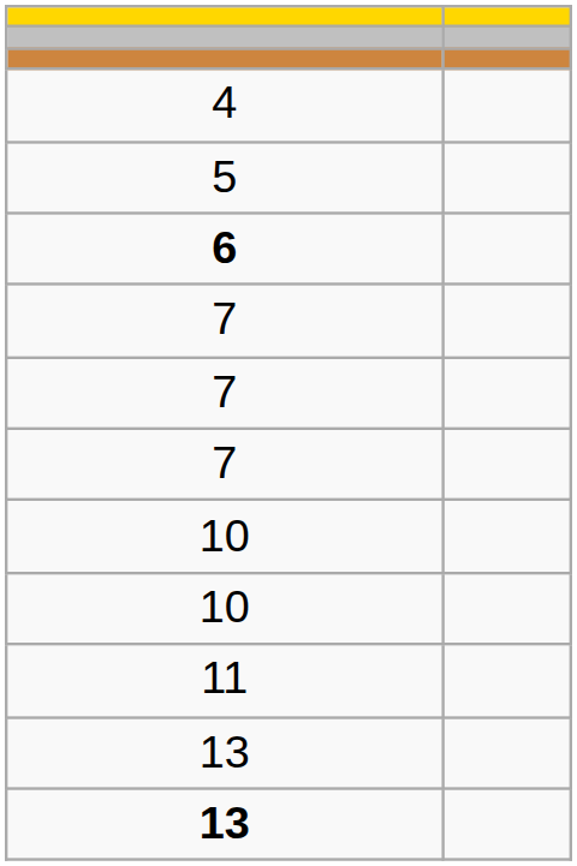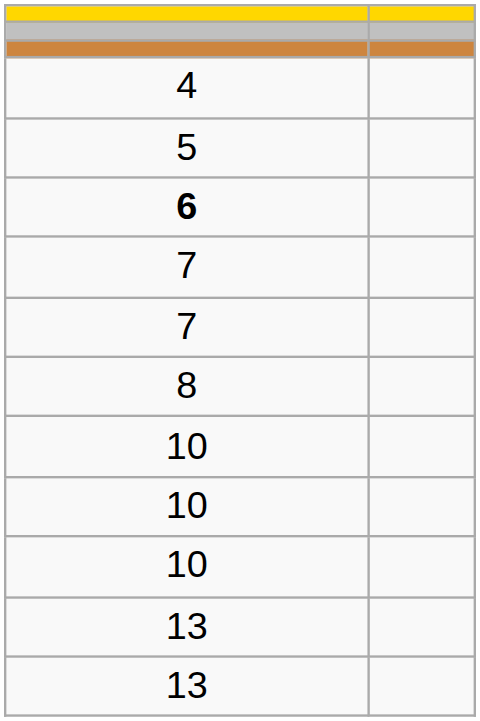 <table class="wikitable" style="width:200px;">
 <tr style="background:gold;">
 <td align=center></td>
 <td></td>
 </tr>
 <tr style="background:silver;">
 <td align=center></td>
 <td></td>
 </tr>
 <tr style="background:peru;">
 <td align=center></td>
 <td></td>
 </tr>
 <tr>
 <td align=center>4</td>
 <td></td>
 </tr>
 <tr>
 <td align=center>5</td>
 <td></td>
 </tr>
 <tr>
 <td align=center><strong>6</strong></td>
 <td></td>
 </tr>
 <tr>
 <td align=center>7</td>
 <td></td>
 </tr>
 <tr>
 <td align=center>7</td>
 <td></td>
 </tr>
 <tr>
-<td align=center>7</td>
+<td align=center>8</td>
 <td></td>
 </tr>
 <tr>
 <td align=center>10</td>
 <td></td>
 </tr>
 <tr>
 <td align=center>10</td>
 <td></td>
 </tr>
 <tr>
-<td align=center>11</td>
+<td align=center>10</td>
 <td></td>
 </tr>
 <tr>
 <td align=center>13</td>
 <td></td>
 </tr>
 <tr>
-<td align=center><strong>13</strong></td>
+<td align=center>13</td>
 <td></td>
 </tr>
 </table>
